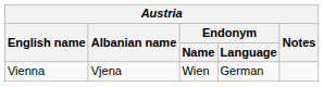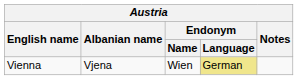 <table class="wikitable sortable">
 <tr>
 <th colspan="5"> <em>Austria</em></th>
 </tr>
 <tr>
 <th rowspan="2">English name</th>
 <th rowspan="2">Albanian name</th>
 <th colspan="2">Endonym</th>
 <th rowspan="2">Notes</th>
 </tr>
 <tr>
 <th>Name</th>
 <th>Language</th>
 </tr>
 <tr>
 <td>Vienna</td>
 <td>Vjena</td>
 <td>Wien</td>
-<td>German</td>
+<td style="background: khaki;">German</td>
 <td></td>
 </tr>
 </table>
